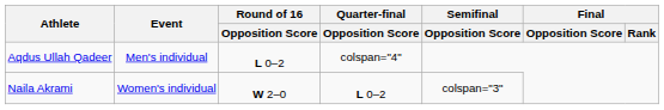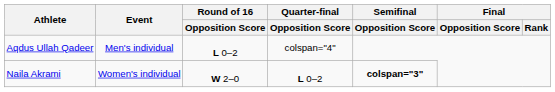 <table class="wikitable" style="text-align:center; font-size:90%">
 <tr>
 <th rowspan="2">Athlete</th>
 <th rowspan="2">Event</th>
 <th>Round of 16</th>
 <th>Quarter-final</th>
 <th>Semifinal</th>
 <th colspan="2">Final</th>
 </tr>
 <tr>
 <th>Opposition Score</th>
 <th>Opposition Score</th>
 <th>Opposition Score</th>
 <th>Opposition Score</th>
 <th>Rank</th>
 </tr>
 <tr>
 <td style="text-align:left"><a href='#'>Aqdus Ullah Qadeer</a></td>
 <td><a href='#'>Men's individual</a></td>
 <td><br><strong>L</strong> 0–2</td>
 <td>colspan="4" </td>
 </tr>
 <tr>
 <td style="text-align:left"><a href='#'>Naila Akrami</a></td>
 <td><a href='#'>Women's individual</a></td>
 <td><br><strong>W</strong> 2–0</td>
 <td><br><strong>L</strong> 0–2</td>
-<td>colspan="3" </td>
+<td><strong>colspan="3" </strong></td>
 </tr>
 </table>
